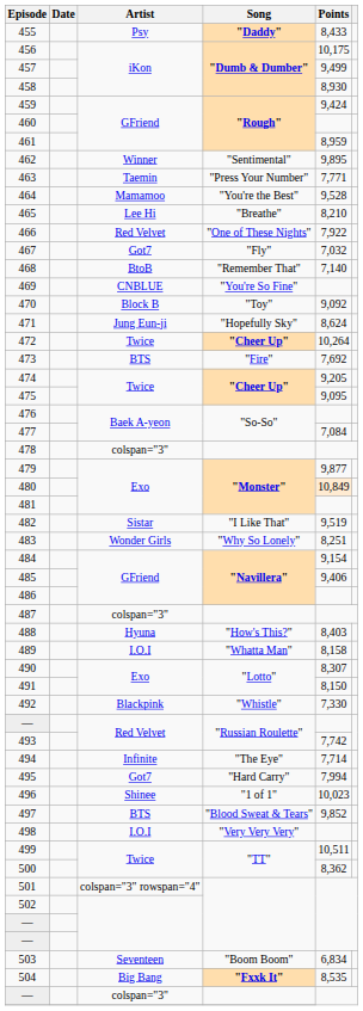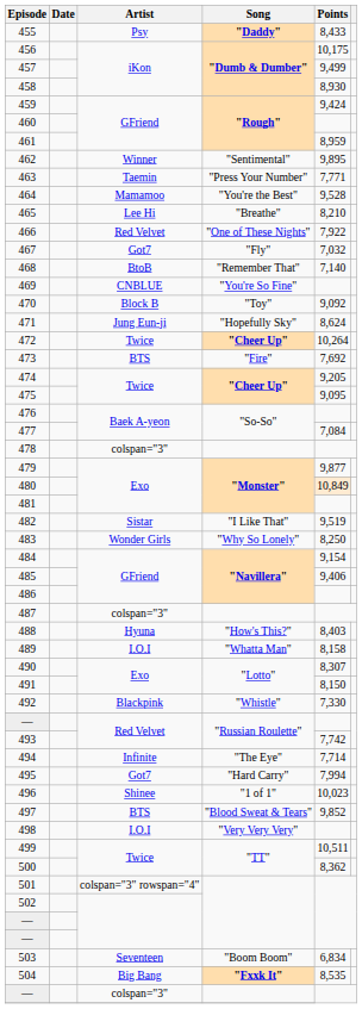 <table class="wikitable sortable" style=text-align:center>
 <tr>
 <th>Episode</th>
 <th>Date</th>
 <th>Artist</th>
 <th>Song</th>
 <th>Points</th>
 <th class="unsortable"></th>
 </tr>
 <tr>
 <td>455</td>
 <td></td>
 <td><a href='#'>Psy</a></td>
 <td style="font-weight: bold; background: navajowhite;">"<a href='#'>Daddy</a>"</td>
 <td>8,433</td>
 <td></td>
 </tr>
 <tr>
 <td>456</td>
 <td></td>
 <td rowspan="3"><a href='#'>iKon</a></td>
 <td rowspan="3" style="font-weight: bold; background: navajowhite;">"<a href='#'>Dumb & Dumber</a>"</td>
 <td>10,175</td>
 <td></td>
 </tr>
 <tr>
 <td>457</td>
 <td></td>
 <td>9,499</td>
 <td></td>
 </tr>
 <tr>
 <td>458</td>
 <td></td>
 <td>8,930</td>
 <td></td>
 </tr>
 <tr>
 <td>459</td>
 <td></td>
 <td rowspan="3"><a href='#'>GFriend</a></td>
 <td rowspan="3" style="font-weight: bold; background: navajowhite;">"<a href='#'>Rough</a>"</td>
 <td>9,424</td>
 <td></td>
 </tr>
 <tr>
 <td>460</td>
 <td></td>
 <td></td>
 <td></td>
 </tr>
 <tr>
 <td>461</td>
 <td></td>
 <td>8,959</td>
 <td></td>
 </tr>
 <tr>
 <td>462</td>
 <td></td>
 <td><a href='#'>Winner</a></td>
 <td>"Sentimental"</td>
 <td>9,895</td>
 <td></td>
 </tr>
 <tr>
 <td>463</td>
 <td></td>
 <td><a href='#'>Taemin</a></td>
 <td>"Press Your Number"</td>
 <td>7,771</td>
 <td></td>
 </tr>
 <tr>
 <td>464</td>
 <td></td>
 <td><a href='#'>Mamamoo</a></td>
 <td>"You're the Best"</td>
 <td>9,528</td>
 <td></td>
 </tr>
 <tr>
 <td>465</td>
 <td></td>
 <td><a href='#'>Lee Hi</a></td>
 <td>"Breathe"</td>
 <td>8,210</td>
 <td></td>
 </tr>
 <tr>
 <td>466</td>
 <td></td>
 <td><a href='#'>Red Velvet</a></td>
 <td>"<a href='#'>One of These Nights</a>"</td>
 <td>7,922</td>
 <td></td>
 </tr>
 <tr>
 <td>467</td>
 <td></td>
 <td><a href='#'>Got7</a></td>
 <td>"Fly"</td>
 <td>7,032</td>
 <td></td>
 </tr>
 <tr>
 <td>468</td>
 <td></td>
 <td><a href='#'>BtoB</a></td>
 <td>"Remember That"</td>
 <td>7,140</td>
 <td></td>
 </tr>
 <tr>
 <td>469</td>
 <td></td>
 <td><a href='#'>CNBLUE</a></td>
 <td>"<a href='#'>You're So Fine</a>"</td>
 <td></td>
 <td></td>
 </tr>
 <tr>
 <td>470</td>
 <td></td>
 <td><a href='#'>Block B</a></td>
 <td>"Toy"</td>
 <td>9,092</td>
 <td></td>
 </tr>
 <tr>
 <td>471</td>
 <td></td>
 <td><a href='#'>Jung Eun-ji</a></td>
 <td>"Hopefully Sky"</td>
 <td>8,624</td>
 <td></td>
 </tr>
 <tr>
 <td>472</td>
 <td></td>
 <td><a href='#'>Twice</a></td>
 <td style="font-weight: bold; background: navajowhite;">"<a href='#'>Cheer Up</a>"</td>
 <td>10,264</td>
 <td></td>
 </tr>
 <tr>
 <td>473</td>
 <td></td>
 <td><a href='#'>BTS</a></td>
 <td>"<a href='#'>Fire</a>"</td>
 <td>7,692</td>
 <td></td>
 </tr>
 <tr>
 <td>474</td>
 <td></td>
 <td rowspan="2"><a href='#'>Twice</a></td>
 <td rowspan="2" style="font-weight: bold; background: navajowhite;">"<a href='#'>Cheer Up</a>"</td>
 <td>9,205</td>
 <td></td>
 </tr>
 <tr>
 <td>475</td>
 <td></td>
 <td>9,095</td>
 <td></td>
 </tr>
 <tr>
 <td>476</td>
 <td></td>
 <td rowspan="2"><a href='#'>Baek A-yeon</a></td>
 <td rowspan="2">"So-So"</td>
 <td></td>
 <td></td>
 </tr>
 <tr>
 <td>477</td>
 <td></td>
 <td>7,084</td>
 <td></td>
 </tr>
 <tr>
 <td>478</td>
 <td></td>
 <td>colspan="3" </td>
 <td></td>
 </tr>
 <tr>
 <td>479</td>
 <td></td>
 <td rowspan="3"><a href='#'>Exo</a></td>
 <td rowspan="3" style="font-weight: bold; background: navajowhite;">"<a href='#'>Monster</a>"</td>
 <td>9,877</td>
 <td></td>
 </tr>
 <tr>
 <td>480</td>
 <td></td>
 <td style="background:#ffebd2;">10,849</td>
 <td></td>
 </tr>
 <tr>
 <td>481</td>
 <td></td>
 <td></td>
 <td></td>
 </tr>
 <tr>
 <td>482</td>
 <td></td>
 <td><a href='#'>Sistar</a></td>
 <td>"I Like That"</td>
 <td>9,519</td>
 <td></td>
 </tr>
 <tr>
 <td>483</td>
 <td></td>
 <td><a href='#'>Wonder Girls</a></td>
 <td>"<a href='#'>Why So Lonely</a>"</td>
-<td>8,251</td>
+<td>8,250</td>
 <td></td>
 </tr>
 <tr>
 <td>484</td>
 <td></td>
 <td rowspan="3"><a href='#'>GFriend</a></td>
 <td rowspan="3" style="font-weight: bold; background: navajowhite;">"<a href='#'>Navillera</a>"</td>
 <td>9,154</td>
 <td></td>
 </tr>
 <tr>
 <td>485</td>
 <td></td>
 <td>9,406</td>
 <td></td>
 </tr>
 <tr>
 <td>486</td>
 <td></td>
 <td></td>
 <td></td>
 </tr>
 <tr>
 <td>487</td>
 <td></td>
 <td>colspan="3" </td>
 <td></td>
 </tr>
 <tr>
 <td>488</td>
 <td></td>
 <td><a href='#'>Hyuna</a></td>
 <td>"<a href='#'>How's This?</a>"</td>
 <td>8,403</td>
 <td></td>
 </tr>
 <tr>
 <td>489</td>
 <td></td>
 <td><a href='#'>I.O.I</a></td>
 <td>"<a href='#'>Whatta Man</a>"</td>
 <td>8,158</td>
 <td></td>
 </tr>
 <tr>
 <td>490</td>
 <td></td>
 <td rowspan="2"><a href='#'>Exo</a></td>
 <td rowspan="2">"<a href='#'>Lotto</a>"</td>
 <td>8,307</td>
 <td></td>
 </tr>
 <tr>
 <td>491</td>
 <td></td>
 <td>8,150</td>
 <td></td>
 </tr>
 <tr>
 <td>492</td>
 <td></td>
 <td><a href='#'>Blackpink</a></td>
 <td>"<a href='#'>Whistle</a>"</td>
 <td>7,330</td>
 <td></td>
 </tr>
 <tr>
 <td style="background:#eee;">—</td>
 <td></td>
 <td rowspan="2"><a href='#'>Red Velvet</a></td>
 <td rowspan="2">"<a href='#'>Russian Roulette</a>"</td>
 <td></td>
 <td rowspan="2"></td>
 </tr>
 <tr>
 <td>493</td>
 <td></td>
 <td>7,742</td>
 </tr>
 <tr>
 <td>494</td>
 <td></td>
 <td><a href='#'>Infinite</a></td>
 <td>"The Eye"</td>
 <td>7,714</td>
 <td></td>
 </tr>
 <tr>
 <td>495</td>
 <td></td>
 <td><a href='#'>Got7</a></td>
 <td>"Hard Carry"</td>
 <td>7,994</td>
 <td></td>
 </tr>
 <tr>
 <td>496</td>
 <td></td>
 <td><a href='#'>Shinee</a></td>
 <td>"1 of 1"</td>
 <td>10,023</td>
 <td></td>
 </tr>
 <tr>
 <td>497</td>
 <td></td>
 <td><a href='#'>BTS</a></td>
 <td>"<a href='#'>Blood Sweat & Tears</a>"</td>
 <td>9,852</td>
 <td></td>
 </tr>
 <tr>
 <td>498</td>
 <td></td>
 <td><a href='#'>I.O.I</a></td>
 <td>"<a href='#'>Very Very Very</a>"</td>
 <td></td>
 <td></td>
 </tr>
 <tr>
 <td>499</td>
 <td></td>
 <td rowspan="2"><a href='#'>Twice</a></td>
 <td rowspan="2">"<a href='#'>TT</a>"</td>
 <td>10,511</td>
 <td></td>
 </tr>
 <tr>
 <td>500</td>
 <td></td>
 <td>8,362</td>
 <td></td>
 </tr>
 <tr>
 <td>501</td>
 <td></td>
 <td>colspan="3" rowspan="4" </td>
 <td rowspan="4"></td>
 </tr>
 <tr>
 <td>502</td>
 <td></td>
 </tr>
 <tr>
 <td style="background:#eee;">—</td>
 <td></td>
 </tr>
 <tr>
 <td style="background:#eee;">—</td>
 <td></td>
 </tr>
 <tr>
 <td>503</td>
 <td></td>
 <td><a href='#'>Seventeen</a></td>
 <td>"Boom Boom"</td>
 <td>6,834</td>
 <td></td>
 </tr>
 <tr>
 <td>504</td>
 <td></td>
 <td><a href='#'>Big Bang</a></td>
 <td style="font-weight: bold; background: navajowhite;">"<a href='#'>Fxxk It</a>"</td>
 <td>8,535</td>
 <td></td>
 </tr>
 <tr>
 <td style="background:#eee;">—</td>
 <td></td>
 <td>colspan="3" </td>
 <td></td>
 </tr>
 <tr>
 </tr>
 </table>
